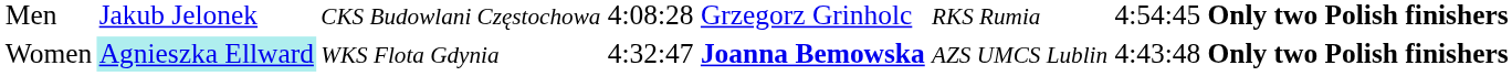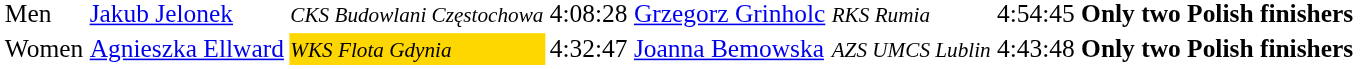 <table>
 <tr>
 <td>Men</td>
 <td><a href='#'>Jakub Jelonek</a></td>
 <td><small><em>CKS Budowlani Częstochowa</em></small></td>
 <td>4:08:28</td>
 <td><a href='#'>Grzegorz Grinholc</a></td>
 <td><small><em>RKS Rumia</em></small></td>
 <td>4:54:45</td>
 <th colspan=3>Only two Polish finishers</th>
 </tr>
 <tr>
 <td>Women</td>
-<td style="background: paleturquoise;"><a href='#'>Agnieszka Ellward</a></td>
-<td><small><em>WKS Flota Gdynia</em></small></td>
+<td><a href='#'>Agnieszka Ellward</a></td>
+<td style="background: gold;"><small><em>WKS Flota Gdynia</em></small></td>
 <td>4:32:47 </td>
-<td><strong><a href='#'>Joanna Bemowska</a></strong></td>
+<td><a href='#'>Joanna Bemowska</a></td>
 <td><small><em>AZS UMCS Lublin</em></small></td>
 <td>4:43:48 </td>
 <th colspan=3>Only two Polish finishers</th>
 </tr>
 </table>
